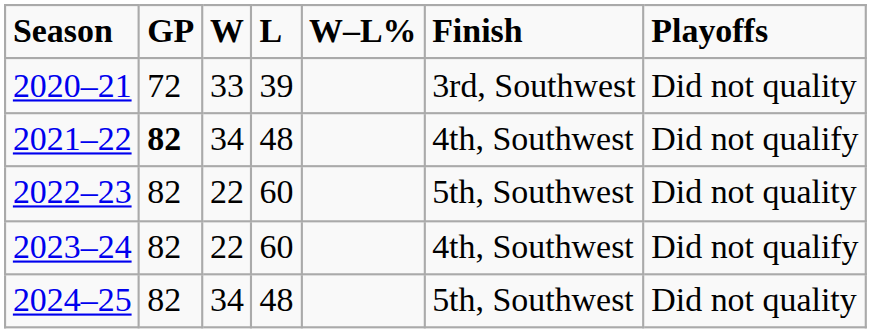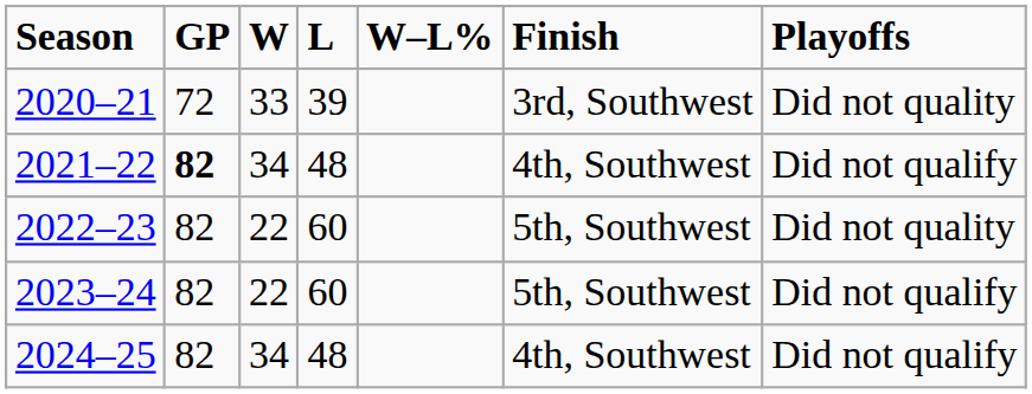 <table class="wikitable">
 <tr style="font-weight:bold; ">
 <td>Season</td>
 <td>GP</td>
 <td>W</td>
 <td>L</td>
 <td>W–L%</td>
 <td>Finish</td>
 <td>Playoffs</td>
 </tr>
 <tr>
 <td><a href='#'>2020–21</a></td>
 <td>72</td>
 <td>33</td>
 <td>39</td>
 <td></td>
 <td>3rd, Southwest</td>
 <td>Did not quality</td>
 </tr>
 <tr>
 <td><a href='#'>2021–22</a></td>
 <td><strong>82</strong></td>
 <td>34</td>
 <td>48</td>
 <td></td>
 <td>4th, Southwest</td>
 <td>Did not qualify</td>
 </tr>
 <tr>
 <td><a href='#'>2022–23</a></td>
 <td>82</td>
 <td>22</td>
 <td>60</td>
 <td></td>
 <td>5th, Southwest</td>
 <td>Did not quality</td>
 </tr>
 <tr>
 <td><a href='#'>2023–24</a></td>
 <td>82</td>
 <td>22</td>
 <td>60</td>
 <td></td>
-<td>4th, Southwest</td>
+<td>5th, Southwest</td>
 <td>Did not qualify</td>
 </tr>
 <tr>
 <td><a href='#'>2024–25</a></td>
 <td>82</td>
 <td>34</td>
 <td>48</td>
 <td></td>
-<td>5th, Southwest</td>
-<td>Did not quality</td>
+<td>4th, Southwest</td>
+<td>Did not qualify</td>
 </tr>
 </table>
